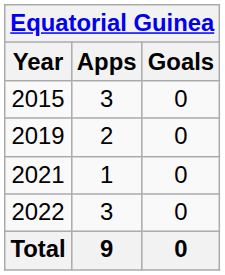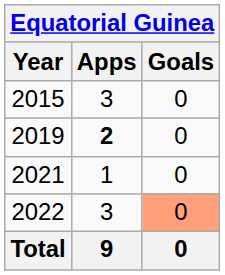 <table class="wikitable" style="text-align:center">
 <tr>
 <th colspan=3><a href='#'>Equatorial Guinea</a></th>
 </tr>
 <tr>
 <th>Year</th>
 <th>Apps</th>
 <th>Goals</th>
 </tr>
 <tr>
 <td>2015</td>
 <td>3</td>
 <td>0</td>
 </tr>
 <tr>
 <td>2019</td>
-<td>2</td>
+<td><strong>2</strong></td>
 <td>0</td>
 </tr>
 <tr>
 <td>2021</td>
 <td>1</td>
 <td>0</td>
 </tr>
 <tr>
 <td>2022</td>
 <td>3</td>
-<td>0</td>
+<td style="background: lightsalmon;">0</td>
 </tr>
 <tr>
 <th>Total</th>
 <th>9</th>
 <th>0</th>
 </tr>
 </table>
